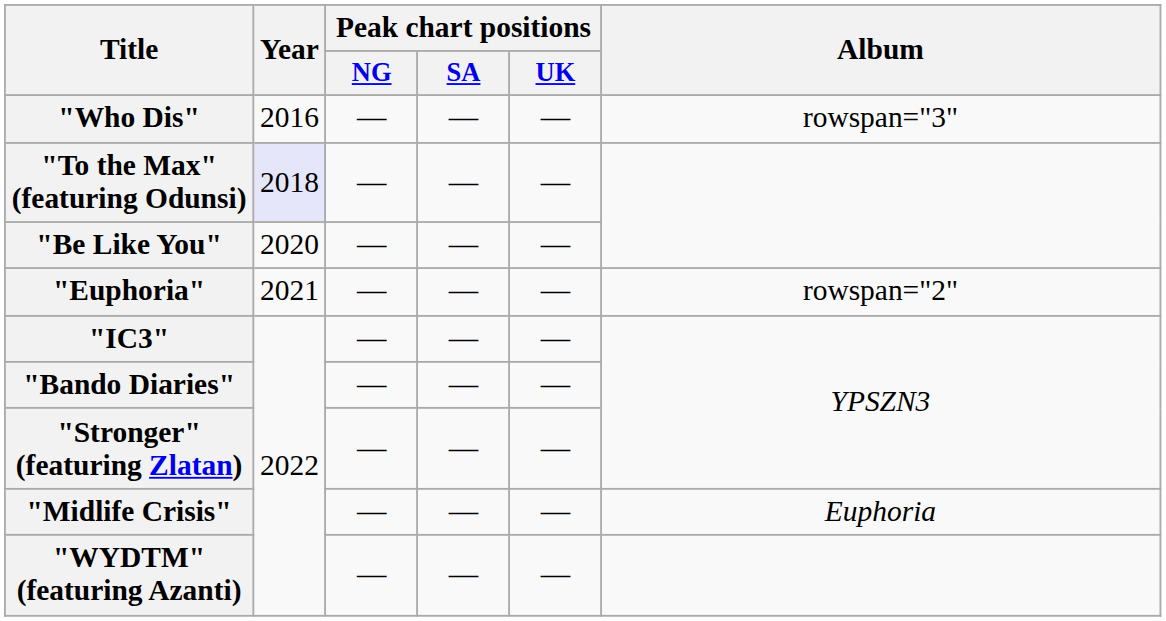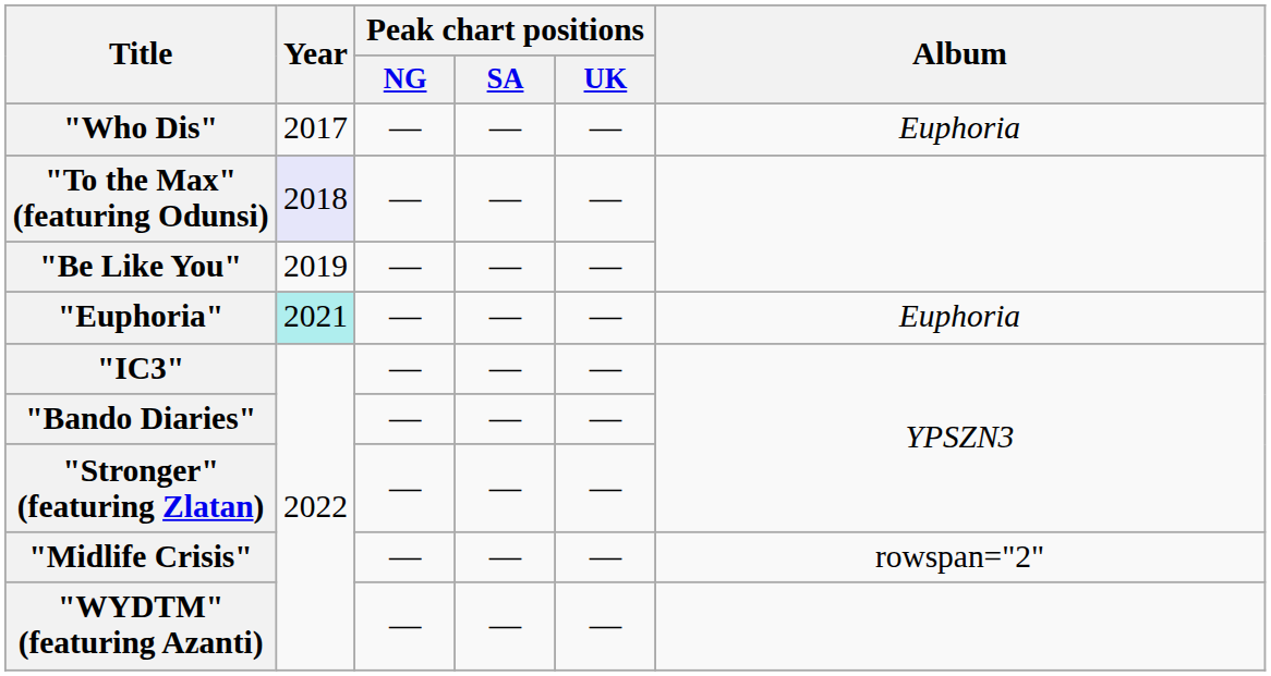 <table class="wikitable plainrowheaders" style="text-align:center;" border="1">
 <tr>
 <th scope="col" rowspan="2">Title</th>
 <th scope="col" rowspan="2" style="width:1em;">Year</th>
 <th scope="col" colspan="3">Peak chart positions</th>
 <th scope="col" rowspan="2" style="width:18.5em;">Album</th>
 </tr>
 <tr>
 <th scope="col" style="width:3em;font-size:90%;"><a href='#'>NG</a><br></th>
 <th scope="col" style="width:3em;font-size:90%;"><a href='#'>SA</a><br></th>
 <th scope="col" style="width:3em;font-size:90%;"><a href='#'>UK</a><br></th>
 </tr>
 <tr>
 <th scope="row">"Who Dis"</th>
-<td rowspan="1">2016</td>
+<td rowspan="1">2017</td>
 <td>—</td>
 <td>—</td>
 <td>—</td>
-<td>rowspan="3" <em></em></td>
+<td rowspan="1"><em>Euphoria</em></td>
 </tr>
 <tr>
 <th scope="row">"To the Max"<br>(featuring Odunsi)</th>
 <td rowspan="1" style="background: lavender;">2018</td>
 <td>—</td>
 <td>—</td>
 <td>—</td>
 </tr>
 <tr>
 <th scope="row">"Be Like You"</th>
-<td rowspan="1">2020</td>
+<td rowspan="1">2019</td>
 <td>—</td>
 <td>—</td>
 <td>—</td>
 </tr>
 <tr>
 <th scope="row">"Euphoria"</th>
-<td rowspan="1">2021</td>
+<td rowspan="1" style="background: paleturquoise;">2021</td>
 <td>—</td>
 <td>—</td>
 <td>—</td>
-<td>rowspan="2" </td>
+<td rowspan="1"><em>Euphoria</em></td>
 </tr>
 <tr>
 <th scope="row">"IC3"</th>
 <td rowspan="5">2022</td>
 <td>—</td>
 <td>—</td>
 <td>—</td>
 <td rowspan="3"><em>YPSZN3</em></td>
 </tr>
 <tr>
 <th scope="row">"Bando Diaries"</th>
 <td>—</td>
 <td>—</td>
 <td>—</td>
 </tr>
 <tr>
 <th scope="row">"Stronger"<br>(featuring <a href='#'>Zlatan</a>)</th>
 <td>—</td>
 <td>—</td>
 <td>—</td>
 </tr>
 <tr>
 <th scope="row">"Midlife Crisis"</th>
 <td>—</td>
 <td>—</td>
 <td>—</td>
-<td rowspan="1"><em>Euphoria</em></td>
+<td>rowspan="2" </td>
 </tr>
 <tr>
 <th scope="row">"WYDTM"<br>(featuring Azanti)</th>
 <td>—</td>
 <td>—</td>
 <td>—</td>
 </tr>
 </table>
